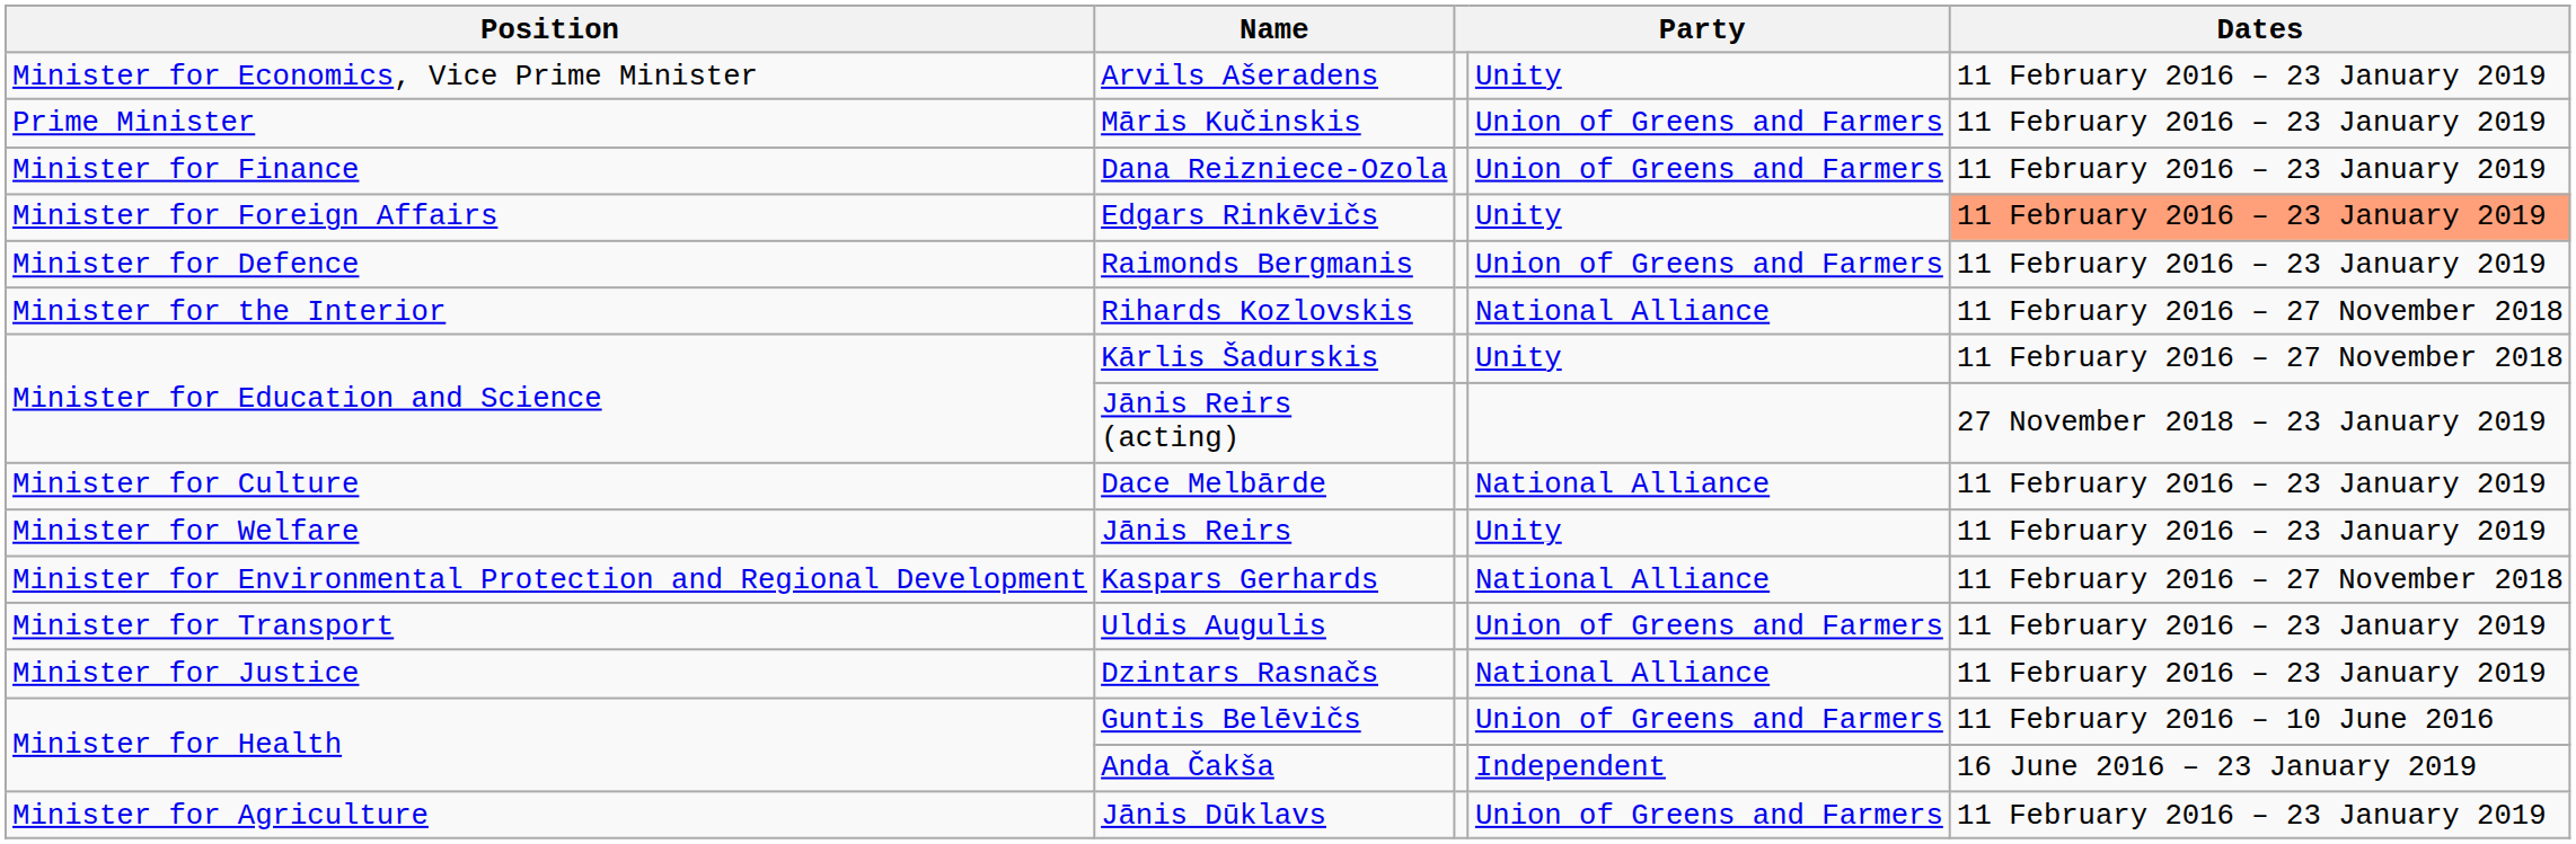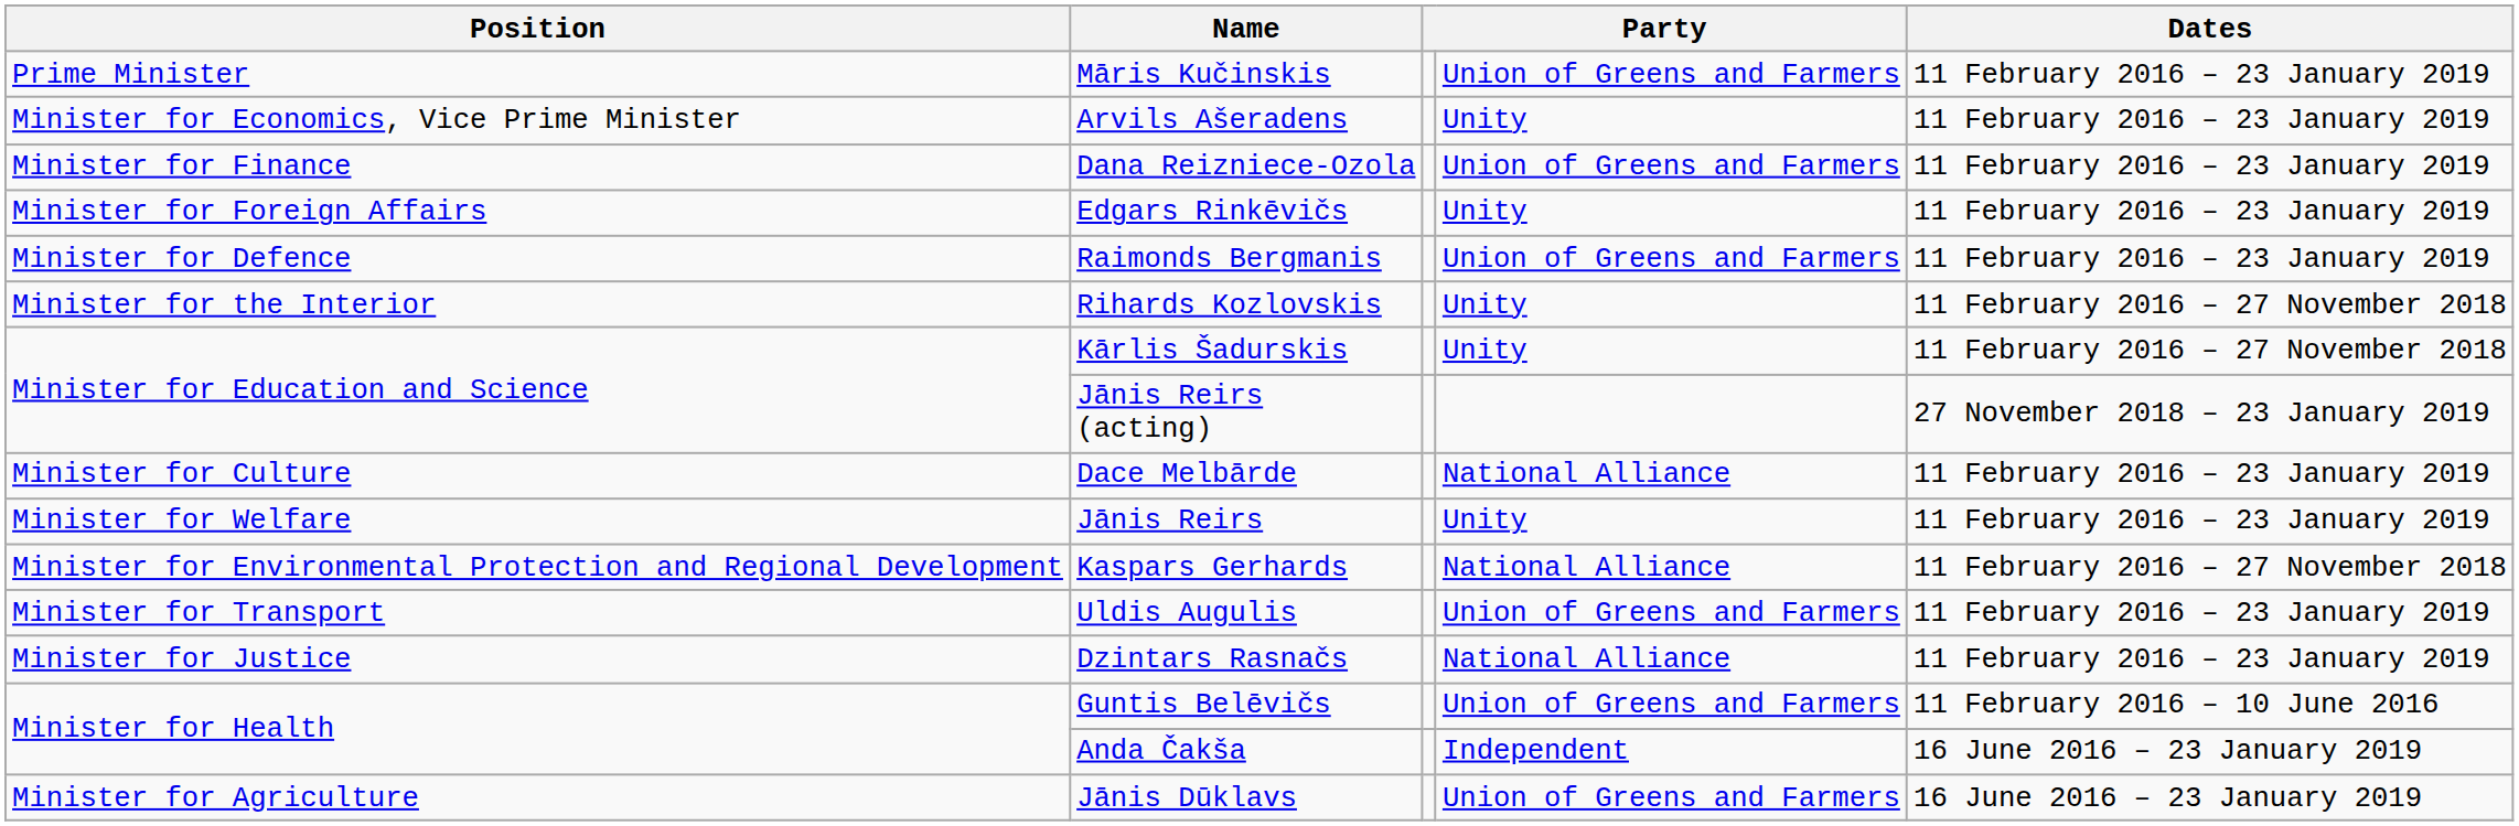 <table class="wikitable" style="margin-top:0px;">
 <tr>
 <th>Position</th>
 <th>Name</th>
 <th colspan=2>Party</th>
 <th>Dates</th>
 </tr>
 <tr>
+<td><a href='#'>Prime Minister</a></td>
+<td><a href='#'>Māris Kučinskis</a></td>
+<td style="background-color: "></td>
+<td><a href='#'>Union of Greens and Farmers</a></td>
+<td>11 February 2016 – 23 January 2019</td>
+</tr>
+<tr>
 <td><a href='#'>Minister for Economics</a>, Vice Prime Minister</td>
 <td><a href='#'>Arvils Ašeradens</a></td>
 <td style="background-color: "></td>
 <td><a href='#'>Unity</a></td>
-<td>11 February 2016 – 23 January 2019</td>
-</tr>
-<tr>
-<td><a href='#'>Prime Minister</a></td>
-<td><a href='#'>Māris Kučinskis</a></td>
-<td style="background-color: "></td>
-<td><a href='#'>Union of Greens and Farmers</a></td>
 <td>11 February 2016 – 23 January 2019</td>
 </tr>
 <tr>
 <td><a href='#'>Minister for Finance</a></td>
 <td><a href='#'>Dana Reizniece-Ozola</a></td>
 <td style="background-color: "></td>
 <td><a href='#'>Union of Greens and Farmers</a></td>
 <td>11 February 2016 – 23 January 2019</td>
 </tr>
 <tr>
 <td><a href='#'>Minister for Foreign Affairs</a></td>
 <td><a href='#'>Edgars Rinkēvičs</a></td>
 <td style="background-color: "></td>
 <td><a href='#'>Unity</a></td>
-<td style="background: lightsalmon;">11 February 2016 – 23 January 2019</td>
+<td>11 February 2016 – 23 January 2019</td>
 </tr>
 <tr>
 <td><a href='#'>Minister for Defence</a></td>
 <td><a href='#'>Raimonds Bergmanis</a></td>
 <td style="background-color: "></td>
 <td><a href='#'>Union of Greens and Farmers</a></td>
 <td>11 February 2016 – 23 January 2019</td>
 </tr>
 <tr>
 <td><a href='#'>Minister for the Interior</a></td>
 <td><a href='#'>Rihards Kozlovskis</a></td>
 <td style="background-color: "></td>
-<td><a href='#'>National Alliance</a></td>
+<td><a href='#'>Unity</a></td>
 <td>11 February 2016 – 27 November 2018</td>
 </tr>
 <tr>
 <td rowspan=2><a href='#'>Minister for Education and Science</a></td>
 <td><a href='#'>Kārlis Šadurskis</a></td>
 <td style="background-color: "></td>
 <td><a href='#'>Unity</a></td>
 <td>11 February 2016 – 27 November 2018</td>
 </tr>
 <tr>
 <td><a href='#'>Jānis Reirs</a><br>(acting)</td>
 <td></td>
 <td></td>
 <td>27 November 2018 – 23 January 2019</td>
 </tr>
 <tr>
 <td><a href='#'>Minister for Culture</a></td>
 <td><a href='#'>Dace Melbārde</a></td>
 <td style="background-color: "></td>
 <td><a href='#'>National Alliance</a></td>
 <td>11 February 2016 – 23 January 2019</td>
 </tr>
 <tr>
 <td><a href='#'>Minister for Welfare</a></td>
 <td><a href='#'>Jānis Reirs</a></td>
 <td style="background-color: "></td>
 <td><a href='#'>Unity</a></td>
 <td>11 February 2016 – 23 January 2019</td>
 </tr>
 <tr>
 <td><a href='#'>Minister for Environmental Protection and Regional Development</a></td>
 <td><a href='#'>Kaspars Gerhards</a></td>
 <td style="background-color: "></td>
 <td><a href='#'>National Alliance</a></td>
 <td>11 February 2016 – 27 November 2018</td>
 </tr>
 <tr>
 <td><a href='#'>Minister for Transport</a></td>
 <td><a href='#'>Uldis Augulis</a></td>
 <td style="background-color: "></td>
 <td><a href='#'>Union of Greens and Farmers</a></td>
 <td>11 February 2016 – 23 January 2019</td>
 </tr>
 <tr>
 <td><a href='#'>Minister for Justice</a></td>
 <td><a href='#'>Dzintars Rasnačs</a></td>
 <td style="background-color: "></td>
 <td><a href='#'>National Alliance</a></td>
 <td>11 February 2016 – 23 January 2019</td>
 </tr>
 <tr>
 <td rowspan="2"><a href='#'>Minister for Health</a></td>
 <td><a href='#'>Guntis Belēvičs</a></td>
 <td style="background-color: "></td>
 <td><a href='#'>Union of Greens and Farmers</a></td>
 <td>11 February 2016 – 10 June 2016</td>
 </tr>
 <tr>
 <td><a href='#'>Anda Čakša</a></td>
 <td style="background-color: "></td>
 <td><a href='#'>Independent</a></td>
 <td>16 June 2016 – 23 January 2019</td>
 </tr>
 <tr>
 <td><a href='#'>Minister for Agriculture</a></td>
 <td><a href='#'>Jānis Dūklavs</a></td>
 <td style="background-color: "></td>
 <td><a href='#'>Union of Greens and Farmers</a></td>
-<td>11 February 2016 – 23 January 2019</td>
+<td>16 June 2016 – 23 January 2019</td>
 </tr>
 </table>
